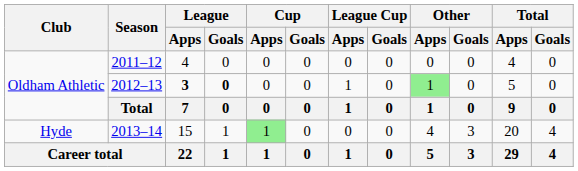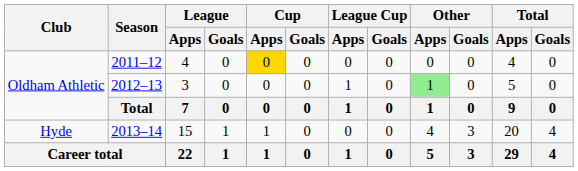 <table class="wikitable" style="text-align:center">
 <tr>
 <th rowspan="2">Club</th>
 <th rowspan="2">Season</th>
 <th colspan="2">League</th>
 <th colspan="2">Cup</th>
 <th colspan="2">League Cup</th>
 <th colspan="2">Other</th>
 <th colspan="2">Total</th>
 </tr>
 <tr>
 <th>Apps</th>
 <th>Goals</th>
 <th>Apps</th>
 <th>Goals</th>
 <th>Apps</th>
 <th>Goals</th>
 <th>Apps</th>
 <th>Goals</th>
 <th>Apps</th>
 <th>Goals</th>
 </tr>
 <tr>
 <td rowspan="3" valign="center"><a href='#'>Oldham Athletic</a></td>
 <td><a href='#'>2011–12</a></td>
 <td>4</td>
 <td>0</td>
-<td>0</td>
+<td style="background: gold;">0</td>
 <td>0</td>
 <td>0</td>
 <td>0</td>
 <td>0</td>
 <td>0</td>
 <td>4</td>
 <td>0</td>
 </tr>
 <tr>
 <td><a href='#'>2012–13</a></td>
-<td><strong>3</strong></td>
-<td><strong>0</strong></td>
+<td>3</td>
+<td>0</td>
 <td>0</td>
 <td>0</td>
 <td>1</td>
 <td>0</td>
 <td style="background: lightgreen;">1</td>
 <td>0</td>
 <td>5</td>
 <td>0</td>
 </tr>
 <tr>
 <th>Total</th>
 <th>7</th>
 <th>0</th>
 <th>0</th>
 <th>0</th>
 <th>1</th>
 <th>0</th>
 <th>1</th>
 <th>0</th>
 <th>9</th>
 <th>0</th>
 </tr>
 <tr>
 <td valign="center"><a href='#'>Hyde</a></td>
 <td><a href='#'>2013–14</a></td>
 <td>15</td>
 <td>1</td>
-<td style="background: lightgreen;">1</td>
+<td>1</td>
 <td>0</td>
 <td>0</td>
 <td>0</td>
 <td>4</td>
 <td>3</td>
 <td>20</td>
 <td>4</td>
 </tr>
 <tr>
 <th colspan="2">Career total</th>
 <th>22</th>
 <th>1</th>
 <th>1</th>
 <th>0</th>
 <th>1</th>
 <th>0</th>
 <th>5</th>
 <th>3</th>
 <th>29</th>
 <th>4</th>
 </tr>
 </table>
